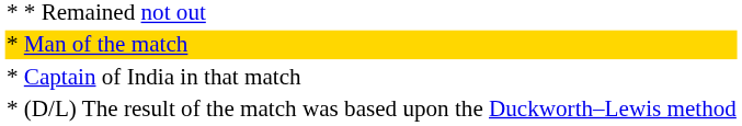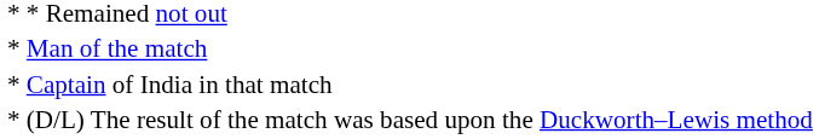 <table>
 <tr>
 <td>* *  Remained <a href='#'>not out</a></td>
 </tr>
 <tr>
-<td style="background: gold;">*   <a href='#'>Man of the match</a></td>
+<td>*   <a href='#'>Man of the match</a></td>
 </tr>
 <tr>
 <td>*   <a href='#'>Captain</a> of India in that match</td>
 </tr>
 <tr>
 <td>* (D/L)  The result of the match was based upon the <a href='#'>Duckworth–Lewis method</a></td>
 </tr>
 </table>
